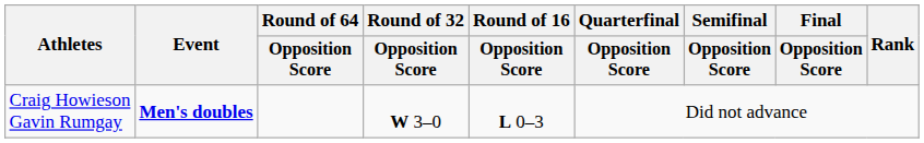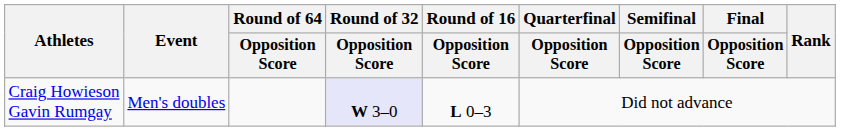 <table class="wikitable" style="font-size:90%">
 <tr>
 <th rowspan=2>Athletes</th>
 <th rowspan=2>Event</th>
 <th>Round of 64</th>
 <th>Round of 32</th>
 <th>Round of 16</th>
 <th>Quarterfinal</th>
 <th>Semifinal</th>
 <th>Final</th>
 <th rowspan=2>Rank</th>
 </tr>
 <tr style="font-size:95%">
 <th>Opposition<br>Score</th>
 <th>Opposition<br>Score</th>
 <th>Opposition<br>Score</th>
 <th>Opposition<br>Score</th>
 <th>Opposition<br>Score</th>
 <th>Opposition<br>Score</th>
 </tr>
 <tr align=center>
 <td align=left><a href='#'>Craig Howieson</a><br><a href='#'>Gavin Rumgay</a></td>
-<td align=left><strong><a href='#'>Men's doubles</a></strong></td>
+<td align=left><a href='#'>Men's doubles</a></td>
 <td></td>
-<td><br><strong>W</strong> 3–0</td>
+<td style="background: lavender;"><br><strong>W</strong> 3–0</td>
 <td><br><strong>L</strong> 0–3</td>
 <td colspan=4>Did not advance</td>
 </tr>
 </table>
